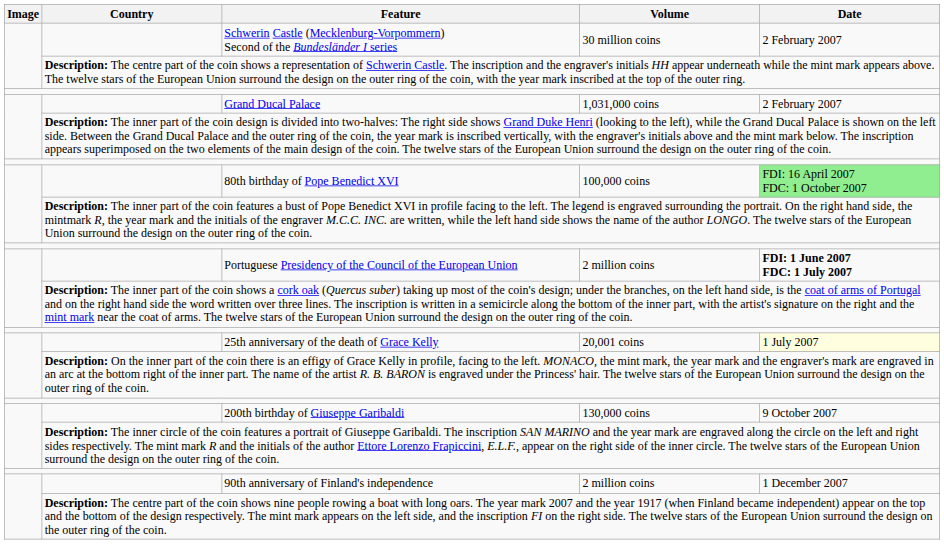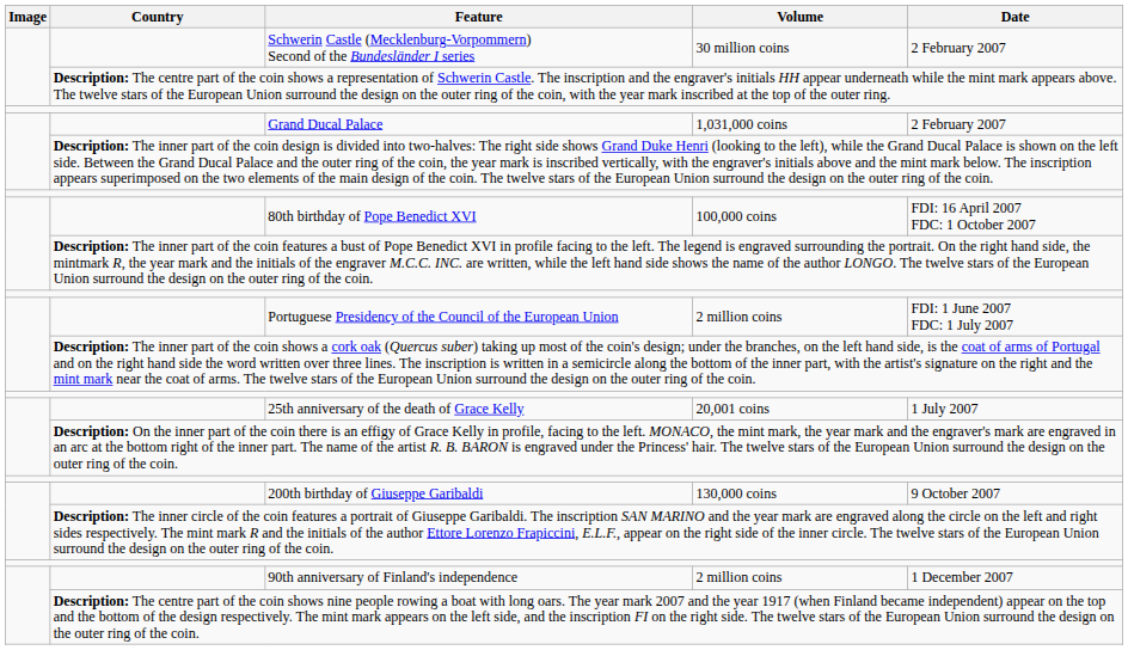 <table class="wikitable">
 <tr>
 <th>Image</th>
 <th>Country</th>
 <th>Feature</th>
 <th>Volume</th>
 <th>Date</th>
 </tr>
 <tr>
 <td style="width:160px;" rowspan="2"></td>
 <td style="width:20%;"></td>
 <td style="width:40%;"><a href='#'>Schwerin</a> <a href='#'>Castle</a> (<a href='#'>Mecklenburg-Vorpommern</a>)<br>Second of the <a href='#'><em>Bundesländer I</em> series</a></td>
 <td style="width:20%;">30 million coins</td>
 <td style="width:20%;">2 February 2007</td>
 </tr>
 <tr>
 <td colspan="5"><strong>Description:</strong> The centre part of the coin shows a representation of <a href='#'>Schwerin Castle</a>. The inscription  and the engraver's initials <em>HH</em> appear underneath while the mint mark appears above. The twelve stars of the European Union surround the design on the outer ring of the coin, with the year mark inscribed at the top of the outer ring.</td>
 </tr>
 <tr>
 <td colspan="5"></td>
 </tr>
 <tr>
 <td style="width:160px;" rowspan="2"></td>
 <td style="width:20%;"></td>
 <td style="width:40%;"><a href='#'>Grand Ducal Palace</a></td>
 <td style="width:20%;">1,031,000 coins</td>
 <td style="width:20%;">2 February 2007</td>
 </tr>
 <tr>
 <td colspan="5"><strong>Description:</strong> The inner part of the coin design is divided into two-halves: The right side shows <a href='#'>Grand Duke Henri</a> (looking to the left), while the Grand Ducal Palace is shown on the left side. Between the Grand Ducal Palace and the outer ring of the coin, the year mark is inscribed vertically, with the engraver's initials above and the mint mark below. The inscription  appears superimposed on the two elements of the main design of the coin. The twelve stars of the European Union surround the design on the outer ring of the coin.</td>
 </tr>
 <tr>
 <td colspan="5"></td>
 </tr>
 <tr>
 <td style="width:160px;" rowspan="2"></td>
 <td style="width:20%;"></td>
 <td style="width:40%;">80th birthday of <a href='#'>Pope Benedict XVI</a></td>
 <td style="width:20%;">100,000 coins</td>
-<td style="background: lightgreen; width:20%;">FDI: 16 April 2007<br>FDC: 1 October 2007</td>
+<td style="width:20%;">FDI: 16 April 2007<br>FDC: 1 October 2007</td>
 </tr>
 <tr>
 <td colspan="5"><strong>Description:</strong> The inner part of the coin features a bust of Pope Benedict XVI in profile facing to the left. The legend  is engraved surrounding the portrait. On the right hand side, the mintmark <em>R</em>, the year mark and the initials of the engraver <em>M.C.C. INC.</em> are written, while the left hand side shows the name of the author <em>LONGO</em>. The twelve stars of the European Union surround the design on the outer ring of the coin.</td>
 </tr>
 <tr>
 <td colspan="5"></td>
 </tr>
 <tr>
 <td style="width:160px;" rowspan="2"></td>
 <td style="width:20%;"></td>
 <td style="width:40%;">Portuguese <a href='#'>Presidency of the Council of the European Union</a></td>
 <td style="width:20%;">2 million coins</td>
-<td style="width:20%;"><strong>FDI: 1 June 2007<br>FDC: 1 July 2007</strong></td>
+<td style="width:20%;">FDI: 1 June 2007<br>FDC: 1 July 2007</td>
 </tr>
 <tr>
 <td colspan="5"><strong>Description:</strong> The inner part of the coin shows a <a href='#'>cork oak</a> (<em>Quercus suber</em>) taking up most of the coin's design; under the branches, on the left hand side, is the <a href='#'>coat of arms of Portugal</a> and on the right hand side the word  written over three lines. The inscription  is written in a semicircle along the bottom of the inner part, with the artist's signature on the right and the <a href='#'>mint mark</a> near the coat of arms. The twelve stars of the European Union surround the design on the outer ring of the coin.</td>
 </tr>
 <tr>
 <td colspan="5"></td>
 </tr>
 <tr>
 <td style="width:160px;" rowspan="2"></td>
 <td style="width:20%;"></td>
 <td style="width:40%;">25th anniversary of the death of <a href='#'>Grace Kelly</a></td>
 <td style="width:20%;">20,001 coins</td>
-<td style="background: lightyellow; width:20%;">1 July 2007</td>
+<td style="width:20%;">1 July 2007</td>
 </tr>
 <tr>
 <td colspan="5"><strong>Description:</strong> On the inner part of the coin there is an effigy of Grace Kelly in profile, facing to the left. <em>MONACO</em>, the mint mark, the year mark and the engraver's mark are engraved in an arc at the bottom right of the inner part. The name of the artist <em>R. B. BARON</em> is engraved under the Princess' hair. The twelve stars of the European Union surround the design on the outer ring of the coin.</td>
 </tr>
 <tr>
 <td colspan="5"></td>
 </tr>
 <tr>
 <td style="width:160px;" rowspan="2"></td>
 <td style="width:20%;"></td>
 <td style="width:40%;">200th birthday of <a href='#'>Giuseppe Garibaldi</a></td>
 <td style="width:20%;">130,000 coins</td>
 <td style="width:20%;">9 October 2007</td>
 </tr>
 <tr>
 <td colspan="5"><strong>Description:</strong> The inner circle of the coin features a portrait of Giuseppe Garibaldi. The inscription <em>SAN MARINO</em> and the year mark are engraved along the circle on the left and right sides respectively. The mint mark <em>R</em> and the initials of the author <a href='#'>Ettore Lorenzo Frapiccini</a>, <em>E.L.F.</em>, appear on the right side of the inner circle. The twelve stars of the European Union surround the design on the outer ring of the coin.</td>
 </tr>
 <tr>
 <td colspan="5"></td>
 </tr>
 <tr>
 <td style="width:160px;" rowspan="2"></td>
 <td style="width:20%;"></td>
 <td style="width:40%;">90th anniversary of Finland's independence</td>
 <td style="width:20%;">2 million coins</td>
 <td style="width:20%;">1 December 2007</td>
 </tr>
 <tr>
 <td colspan="5"><strong>Description:</strong> The centre part of the coin shows nine people rowing a boat with long oars. The year mark 2007 and the year 1917 (when Finland became independent) appear on the top and the bottom of the design respectively. The mint mark appears on the left side, and the inscription <em>FI</em> on the right side. The twelve stars of the European Union surround the design on the outer ring of the coin.</td>
 </tr>
 </table>
